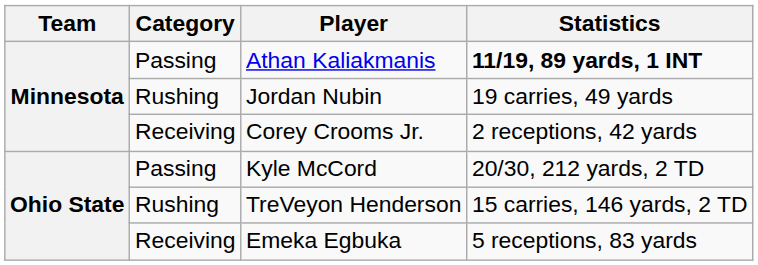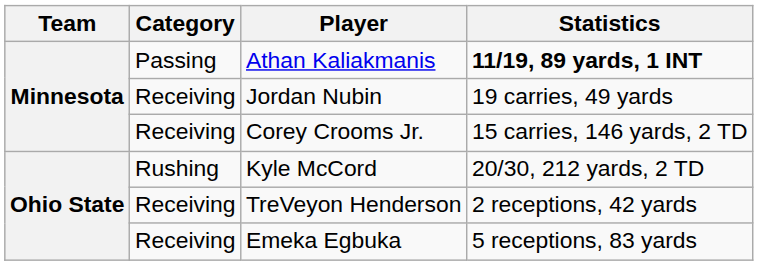 <table class="wikitable" style="float:right">
 <tr>
 <th>Team</th>
 <th>Category</th>
 <th>Player</th>
 <th>Statistics</th>
 </tr>
 <tr>
 <th rowspan=3>Minnesota</th>
 <td>Passing</td>
 <td><a href='#'>Athan Kaliakmanis</a></td>
 <td><strong>11/19, 89 yards, 1 INT</strong></td>
 </tr>
 <tr>
-<td>Rushing</td>
+<td>Receiving</td>
 <td>Jordan Nubin</td>
 <td>19 carries, 49 yards</td>
 </tr>
 <tr>
 <td>Receiving</td>
 <td>Corey Crooms Jr.</td>
-<td>2 receptions, 42 yards</td>
+<td>15 carries, 146 yards, 2 TD</td>
 </tr>
 <tr>
 <th rowspan=3>Ohio State</th>
-<td>Passing</td>
+<td>Rushing</td>
 <td>Kyle McCord</td>
 <td>20/30, 212 yards, 2 TD</td>
 </tr>
 <tr>
-<td>Rushing</td>
+<td>Receiving</td>
 <td>TreVeyon Henderson</td>
-<td>15 carries, 146 yards, 2 TD</td>
+<td>2 receptions, 42 yards</td>
 </tr>
 <tr>
 <td>Receiving</td>
 <td>Emeka Egbuka</td>
 <td>5 receptions, 83 yards</td>
 </tr>
 </table>
